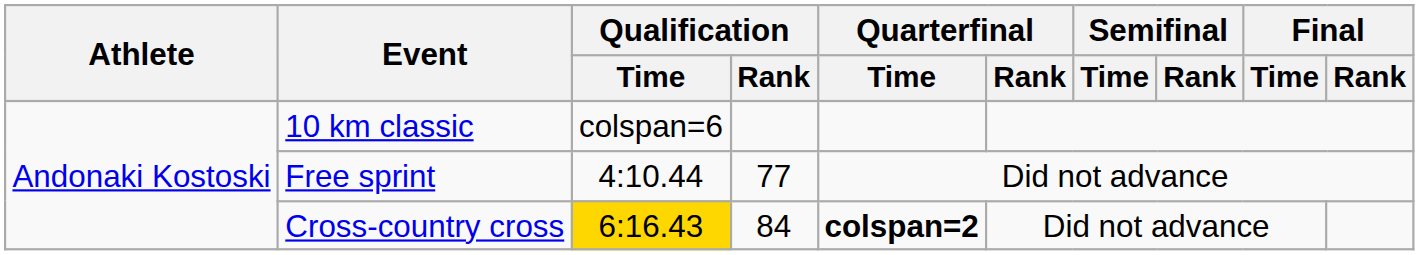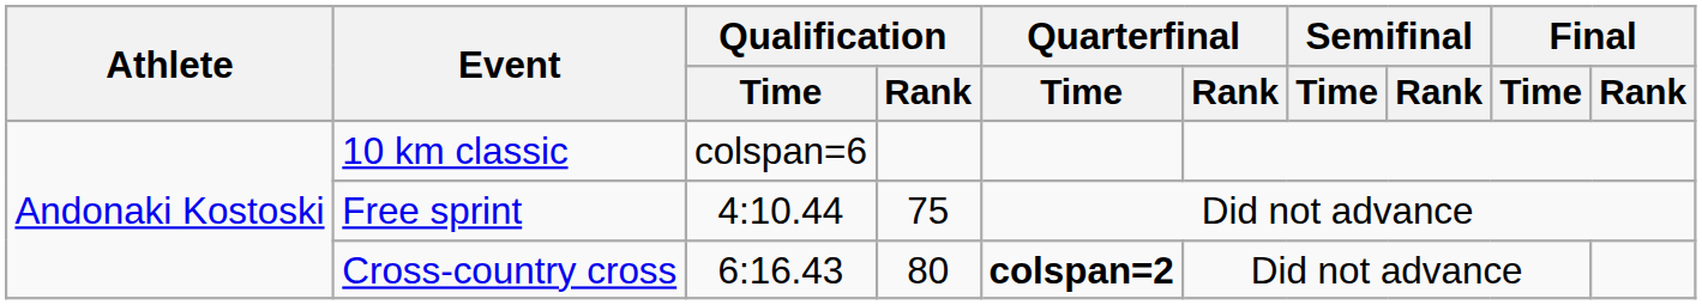 <table class="wikitable" style="font-size:90%">
 <tr>
 <th rowspan="2">Athlete</th>
 <th rowspan="2">Event</th>
 <th colspan="2">Qualification</th>
 <th colspan="2">Quarterfinal</th>
 <th colspan="2">Semifinal</th>
 <th colspan="2">Final</th>
 </tr>
 <tr style="font-size:95%">
 <th>Time</th>
 <th>Rank</th>
 <th>Time</th>
 <th>Rank</th>
 <th>Time</th>
 <th>Rank</th>
 <th>Time</th>
 <th>Rank</th>
 </tr>
 <tr align=center>
 <td align=left rowspan=3><a href='#'>Andonaki Kostoski</a></td>
 <td align=left><a href='#'>10 km classic</a></td>
 <td>colspan=6 </td>
 <td></td>
 <td></td>
 </tr>
 <tr align=center>
 <td align=left><a href='#'>Free sprint</a></td>
 <td>4:10.44</td>
-<td>77</td>
+<td>75</td>
 <td colspan=6>Did not advance</td>
 </tr>
 <tr align=center>
 <td align=left><a href='#'>Cross-country cross</a></td>
-<td style="background: gold;">6:16.43</td>
-<td>84</td>
+<td>6:16.43</td>
+<td>80</td>
 <td><strong>colspan=2 </strong></td>
 <td colspan=4>Did not advance</td>
 </tr>
 </table>
